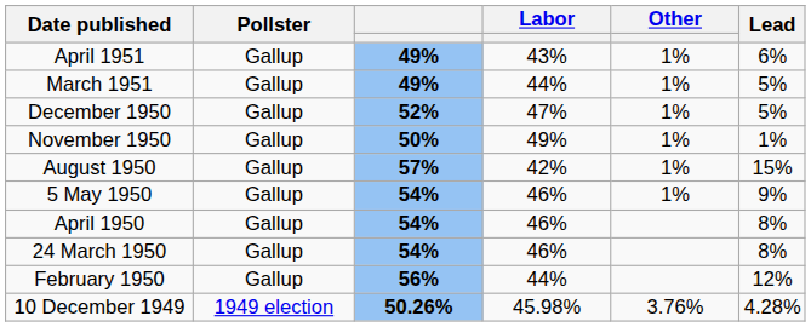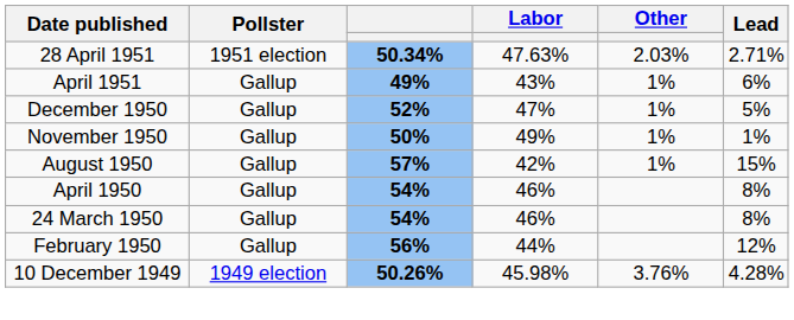 <table class="wikitable tpl-blanktable" style="text-align:center; font-size:95%; line-height:14px;">
 <tr>
 <th rowspan="2" style="width:135px;">Date published</th>
 <th rowspan="2" style="width:115px;">Pollster</th>
 <th class="unsortable" style="width:90px;"></th>
 <th class="unsortable" style="width:90px;"><a href='#'>Labor</a></th>
 <th class="unsortable" style="width:90px;"><a href='#'>Other</a></th>
 <th rowspan="2">Lead</th>
 </tr>
 <tr>
 <th></th>
 <th></th>
 <th></th>
 </tr>
 <tr>
+<td>28 April 1951</td>
+<td>1951 election</td>
+<td style="background:#95c3f3;"><strong>50.34%</strong></td>
+<td>47.63%</td>
+<td>2.03%</td>
+<td style="background:">2.71%</td>
+</tr>
+<tr>
 <td>April 1951</td>
 <td>Gallup</td>
 <td style="background:#95c3f3;"><strong>49%</strong></td>
 <td>43%</td>
 <td>1%</td>
 <td style="background:">6%</td>
-</tr>
-<tr>
-<td>March 1951</td>
-<td>Gallup</td>
-<td style="background:#95c3f3;"><strong>49%</strong></td>
-<td>44%</td>
-<td>1%</td>
-<td style="background:">5%</td>
 </tr>
 <tr>
 <td>December 1950</td>
 <td>Gallup</td>
 <td style="background:#95c3f3;"><strong>52%</strong></td>
 <td>47%</td>
 <td>1%</td>
 <td style="background:">5%</td>
 </tr>
 <tr>
 <td>November 1950</td>
 <td>Gallup</td>
 <td style="background:#95c3f3;"><strong>50%</strong></td>
 <td>49%</td>
 <td>1%</td>
 <td style="background:">1%</td>
 </tr>
 <tr>
 <td>August 1950</td>
 <td>Gallup</td>
 <td style="background:#95c3f3;"><strong>57%</strong></td>
 <td>42%</td>
 <td>1%</td>
 <td style="background:">15%</td>
-</tr>
-<tr>
-<td>5 May 1950</td>
-<td>Gallup</td>
-<td style="background:#95c3f3;"><strong>54%</strong></td>
-<td>46%</td>
-<td>1%</td>
-<td style="background:">9%</td>
 </tr>
 <tr>
 <td>April 1950</td>
 <td>Gallup</td>
 <td style="background:#95c3f3;"><strong>54%</strong></td>
 <td>46%</td>
 <td></td>
 <td style="background:">8%</td>
 </tr>
 <tr>
 <td>24 March 1950</td>
 <td>Gallup</td>
 <td style="background:#95c3f3;"><strong>54%</strong></td>
 <td>46%</td>
 <td></td>
 <td style="background:">8%</td>
 </tr>
 <tr>
 <td>February 1950</td>
 <td>Gallup</td>
 <td style="background:#95c3f3;"><strong>56%</strong></td>
 <td>44%</td>
 <td></td>
 <td style="background:">12%</td>
 </tr>
 <tr>
 <td>10 December 1949</td>
 <td><a href='#'>1949 election</a></td>
 <td style="background:#95c3f3;"><strong>50.26%</strong></td>
 <td>45.98%</td>
 <td>3.76%</td>
 <td style="background:">4.28%</td>
 </tr>
 </table>
